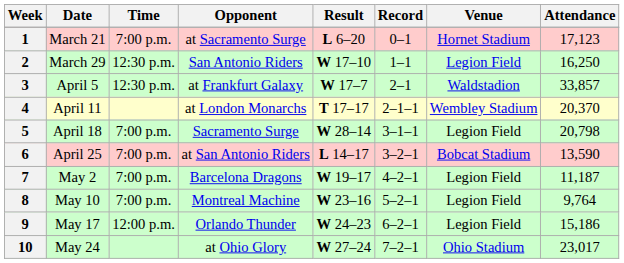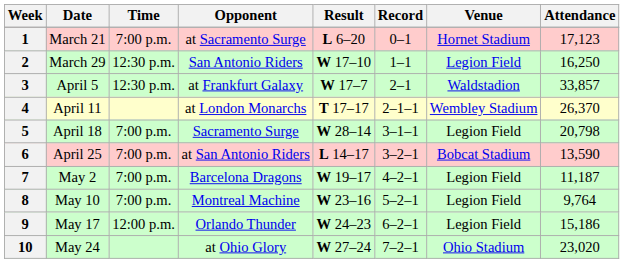 <table class="wikitable" style="text-align:center;">
 <tr>
 <th>Week</th>
 <th>Date</th>
 <th>Time</th>
 <th>Opponent</th>
 <th>Result</th>
 <th>Record</th>
 <th>Venue</th>
 <th>Attendance</th>
 </tr>
 <tr>
 </tr>
 <tr style="background:#fcc">
 <th>1</th>
 <td>March 21</td>
 <td>7:00 p.m.</td>
 <td>at <a href='#'>Sacramento Surge</a></td>
 <td><strong>L</strong> 6–20</td>
 <td>0–1</td>
 <td><a href='#'>Hornet Stadium</a></td>
 <td>17,123</td>
 </tr>
 <tr style="background:#cfc">
 <th>2</th>
 <td>March 29</td>
 <td>12:30 p.m.</td>
 <td><a href='#'>San Antonio Riders</a></td>
 <td><strong>W</strong> 17–10</td>
 <td>1–1</td>
 <td><a href='#'>Legion Field</a></td>
 <td>16,250</td>
 </tr>
 <tr style="background:#cfc">
 <th>3</th>
 <td>April 5</td>
 <td>12:30 p.m.</td>
 <td>at <a href='#'>Frankfurt Galaxy</a></td>
 <td><strong>W</strong> 17–7</td>
 <td>2–1</td>
 <td><a href='#'>Waldstadion</a></td>
 <td>33,857</td>
 </tr>
 <tr style="background:#ffc">
 <th>4</th>
 <td>April 11</td>
 <td></td>
 <td>at <a href='#'>London Monarchs</a></td>
 <td><strong>T</strong> 17–17</td>
 <td>2–1–1</td>
 <td><a href='#'>Wembley Stadium</a></td>
-<td>20,370</td>
+<td>26,370</td>
 </tr>
 <tr style="background:#cfc">
 <th>5</th>
 <td>April 18</td>
 <td>7:00 p.m.</td>
 <td><a href='#'>Sacramento Surge</a></td>
 <td><strong>W</strong> 28–14</td>
 <td>3–1–1</td>
 <td>Legion Field</td>
 <td>20,798</td>
 </tr>
 <tr style="background:#fcc">
 <th>6</th>
 <td>April 25</td>
 <td>7:00 p.m.</td>
 <td>at <a href='#'>San Antonio Riders</a></td>
 <td><strong>L</strong> 14–17</td>
 <td>3–2–1</td>
 <td><a href='#'>Bobcat Stadium</a></td>
 <td>13,590</td>
 </tr>
 <tr style="background:#cfc">
 <th>7</th>
 <td>May 2</td>
 <td>7:00 p.m.</td>
 <td><a href='#'>Barcelona Dragons</a></td>
 <td><strong>W</strong> 19–17</td>
 <td>4–2–1</td>
 <td>Legion Field</td>
 <td>11,187</td>
 </tr>
 <tr style="background:#cfc">
 <th>8</th>
 <td>May 10</td>
 <td>7:00 p.m.</td>
 <td><a href='#'>Montreal Machine</a></td>
 <td><strong>W</strong> 23–16</td>
 <td>5–2–1</td>
 <td>Legion Field</td>
 <td>9,764</td>
 </tr>
 <tr style="background:#cfc">
 <th>9</th>
 <td>May 17</td>
 <td>12:00 p.m.</td>
 <td><a href='#'>Orlando Thunder</a></td>
 <td><strong>W</strong> 24–23</td>
 <td>6–2–1</td>
 <td>Legion Field</td>
 <td>15,186</td>
 </tr>
 <tr style="background:#cfc">
 <th>10</th>
 <td>May 24</td>
 <td></td>
 <td>at <a href='#'>Ohio Glory</a></td>
 <td><strong>W</strong> 27–24</td>
 <td>7–2–1</td>
 <td><a href='#'>Ohio Stadium</a></td>
-<td>23,017</td>
+<td>23,020</td>
 </tr>
 </table>
